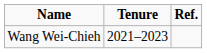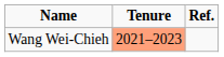 <table class="wikitable" style="text-align:center">
 <tr style="font-weight:bold;">
 <td>Name</td>
 <td>Tenure</td>
 <td>Ref.</td>
 </tr>
 <tr>
 <td>Wang Wei-Chieh</td>
-<td>2021–2023</td>
+<td style="background: lightsalmon;">2021–2023</td>
 <td></td>
 </tr>
 </table>
